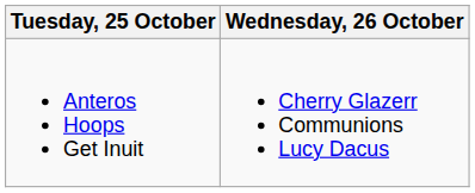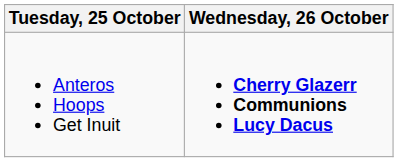 <table class="wikitable">
 <tr>
 <th>Tuesday, 25 October</th>
 <th>Wednesday, 26 October</th>
 </tr>
 <tr valign="top">
 <td><br><ul><li><a href='#'>Anteros</a></li><li><a href='#'>Hoops</a></li><li>Get Inuit</li></ul></td>
-<td><br><ul><li><a href='#'>Cherry Glazerr</a></li><li>Communions</li><li><a href='#'>Lucy Dacus</a></li></ul></td>
+<td><strong><br><ul><li><a href='#'>Cherry Glazerr</a></li><li>Communions</li><li><a href='#'>Lucy Dacus</a></li></ul></strong></td>
 </tr>
 </table>
